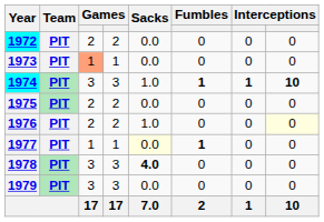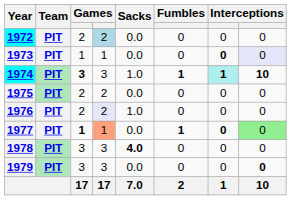 <table class="wikitable" style="text-align:center;">
 <tr>
 <th rowspan="2">Year</th>
 <th rowspan="2">Team</th>
 <th colspan="2">Games</th>
 <th rowspan="2">Sacks</th>
 <th colspan="1">Fumbles</th>
 <th colspan="2">Interceptions</th>
 </tr>
 <tr>
 <th></th>
 <th></th>
 <th></th>
 <th></th>
 <th></th>
 </tr>
 <tr>
 <th style="background:#00ffff"><a href='#'>1972</a></th>
 <th><a href='#'>PIT</a></th>
 <td>2</td>
-<td>2</td>
+<td style="background: lightblue;">2</td>
 <td>0.0</td>
 <td>0</td>
 <td>0</td>
 <td>0</td>
 </tr>
 <tr>
 <th><a href='#'>1973</a></th>
 <th><a href='#'>PIT</a></th>
-<td style="background: lightsalmon;">1</td>
+<td>1</td>
 <td>1</td>
 <td>0.0</td>
 <td>0</td>
-<td>0</td>
-<td>0</td>
+<td><strong>0</strong></td>
+<td style="background: lavender;">0</td>
 </tr>
 <tr>
 <th style="background:#00ffff"><a href='#'>1974</a></th>
 <th style="background:#afe6ba"><a href='#'>PIT</a></th>
-<td>3</td>
+<td><strong>3</strong></td>
 <td>3</td>
 <td>1.0</td>
 <td><strong>1</strong></td>
-<td><strong>1</strong></td>
+<td style="background: paleturquoise;"><strong>1</strong></td>
 <td><strong>10</strong></td>
 </tr>
 <tr>
 <th><a href='#'>1975</a></th>
 <th style="background:#afe6ba"><a href='#'>PIT</a></th>
 <td>2</td>
 <td>2</td>
 <td>0.0</td>
 <td>0</td>
 <td>0</td>
 <td>0</td>
 </tr>
 <tr>
 <th><a href='#'>1976</a></th>
 <th><a href='#'>PIT</a></th>
 <td>2</td>
-<td>2</td>
+<td style="background: lavender;">2</td>
 <td>1.0</td>
 <td>0</td>
 <td>0</td>
-<td style="background: lightyellow;">0</td>
+<td>0</td>
 </tr>
 <tr>
 <th><a href='#'>1977</a></th>
 <th><a href='#'>PIT</a></th>
-<td>1</td>
-<td>1</td>
-<td style="background: lightyellow;">0.0</td>
 <td><strong>1</strong></td>
-<td>0</td>
-<td>0</td>
+<td style="background: lightsalmon;">1</td>
+<td>0.0</td>
+<td><strong>1</strong></td>
+<td><strong>0</strong></td>
+<td style="background: lightgreen;">0</td>
 </tr>
 <tr>
 <th><a href='#'>1978</a></th>
 <th style="background:#afe6ba"><a href='#'>PIT</a></th>
 <td>3</td>
 <td>3</td>
 <td><strong>4.0</strong></td>
 <td>0</td>
 <td>0</td>
 <td>0</td>
 </tr>
 <tr>
 <th><a href='#'>1979</a></th>
 <th style="background:#afe6ba"><a href='#'>PIT</a></th>
 <td>3</td>
 <td>3</td>
 <td>0.0</td>
 <td>0</td>
 <td>0</td>
-<td>0</td>
+<td><strong>0</strong></td>
 </tr>
 <tr>
 <th colspan="2"></th>
 <th>17</th>
 <th>17</th>
 <th>7.0</th>
 <th>2</th>
 <th>1</th>
 <th>10</th>
 </tr>
 </table>
